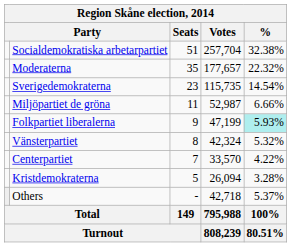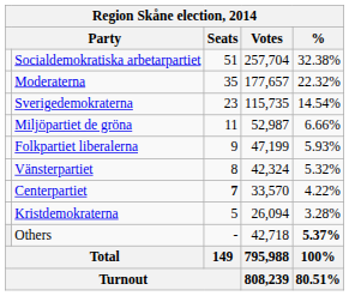 <table class="wikitable">
 <tr>
 <th colspan=5>Region Skåne election, 2014</th>
 </tr>
 <tr>
 <th colspan=2>Party</th>
 <th>Seats</th>
 <th>Votes</th>
 <th>%</th>
 </tr>
 <tr>
 <td bgcolor=></td>
 <td><a href='#'>Socialdemokratiska arbetarpartiet</a></td>
 <td align=right>51</td>
 <td align=right>257,704</td>
 <td align=right>32.38%</td>
 </tr>
 <tr>
 <td bgcolor=></td>
 <td><a href='#'>Moderaterna</a></td>
 <td align=right>35</td>
 <td align=right>177,657</td>
 <td align=right>22.32%</td>
 </tr>
 <tr>
 <td bgcolor=></td>
 <td><a href='#'>Sverigedemokraterna</a></td>
 <td align=right>23</td>
 <td align=right>115,735</td>
 <td align=right>14.54%</td>
 </tr>
 <tr>
 <td bgcolor=></td>
 <td><a href='#'>Miljöpartiet de gröna</a></td>
 <td align=right>11</td>
 <td align=right>52,987</td>
 <td align=right>6.66%</td>
 </tr>
 <tr>
 <td bgcolor=></td>
 <td><a href='#'>Folkpartiet liberalerna</a></td>
 <td align=right>9</td>
 <td align=right>47,199</td>
-<td align=right style="background: paleturquoise;">5.93%</td>
+<td align=right>5.93%</td>
 </tr>
 <tr>
 <td bgcolor=></td>
 <td><a href='#'>Vänsterpartiet</a></td>
 <td align=right>8</td>
 <td align=right>42,324</td>
 <td align=right>5.32%</td>
 </tr>
 <tr>
 <td bgcolor=></td>
 <td><a href='#'>Centerpartiet</a></td>
-<td align=right>7</td>
+<td align=right><strong>7</strong></td>
 <td align=right>33,570</td>
 <td align=right>4.22%</td>
 </tr>
 <tr>
 <td bgcolor=></td>
 <td><a href='#'>Kristdemokraterna</a></td>
 <td align=right>5</td>
 <td align=right>26,094</td>
 <td align=right>3.28%</td>
 </tr>
 <tr>
 <td bgcolor=#eeeeee></td>
 <td>Others</td>
 <td align=right>-</td>
 <td align=right>42,718</td>
-<td align=right>5.37%</td>
+<td align=right><strong>5.37%</strong></td>
 </tr>
 <tr>
 <th colspan=2>Total</th>
 <th align=right>149</th>
 <th align=right>795,988</th>
 <th align=right>100%</th>
 </tr>
 <tr>
 <th colspan=3>Turnout</th>
 <th align=right>808,239</th>
 <th align=right>80.51%</th>
 </tr>
 </table>
